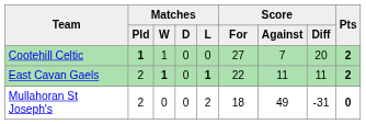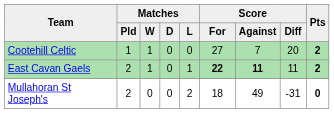 <table style=border-collapse:collapse border=1 cellspacing=0 cellpadding=5>
 <tr align=center bgcolor=#efefef>
 <th rowspan=2 width=165>Team</th>
 <th colspan=4>Matches</th>
 <th colspan=3>Score</th>
 <th rowspan=2width=20>Pts</th>
 </tr>
 <tr align=center bgcolor=#efefef>
 <th width=20>Pld</th>
 <th width=20>W</th>
 <th width=20>D</th>
 <th width=20>L</th>
 <th width=45>For</th>
 <th width=45>Against</th>
 <th width=30>Diff</th>
 </tr>
 <tr align=center style="background:#ACE1AF;">
 <td style="text-align:left;"><a href='#'>Cootehill Celtic</a></td>
-<td><strong>1</strong></td>
+<td>1</td>
 <td>1</td>
 <td>0</td>
 <td>0</td>
 <td>27</td>
 <td>7</td>
 <td>20</td>
 <td><strong>2</strong></td>
 </tr>
 <tr align=center style="background:#ACE1AF;">
 <td style="text-align:left;"><a href='#'>East Cavan Gaels</a></td>
 <td>2</td>
-<td><strong>1</strong></td>
+<td>1</td>
 <td>0</td>
-<td><strong>1</strong></td>
-<td>22</td>
-<td>11</td>
+<td>1</td>
+<td><strong>22</strong></td>
+<td><strong>11</strong></td>
 <td>11</td>
 <td><strong>2</strong></td>
 </tr>
 <tr align=center>
 <td style="text-align:left;"><a href='#'>Mullahoran St Joseph's</a></td>
 <td>2</td>
 <td>0</td>
 <td>0</td>
 <td>2</td>
 <td>18</td>
 <td>49</td>
 <td>-31</td>
 <td><strong>0</strong></td>
 </tr>
 </table>
